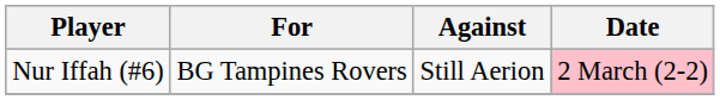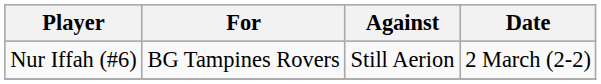 <table class="wikitable plainrowheaders sortable" style="font-size:85%">
 <tr>
 <th>Player</th>
 <th>For</th>
 <th>Against</th>
 <th>Date</th>
 </tr>
 <tr>
 <td> Nur Iffah (#6)</td>
 <td>BG Tampines Rovers</td>
 <td>Still Aerion</td>
-<td style="background: pink;">2 March (2-2)</td>
+<td>2 March (2-2)</td>
 </tr>
 <tr>
 </tr>
 </table>
